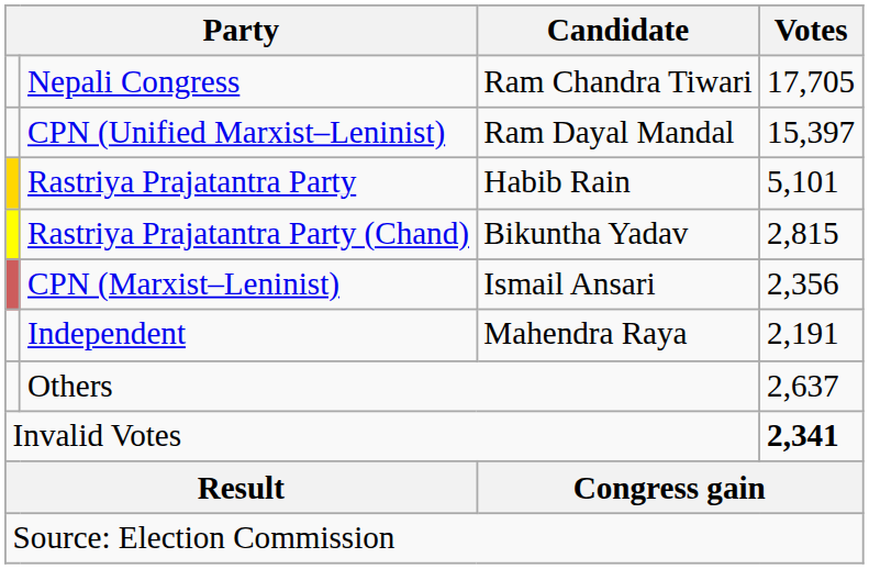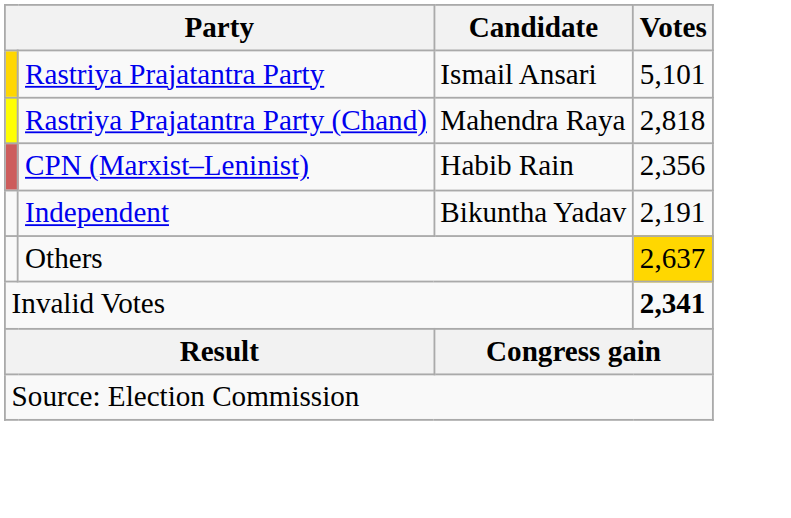 <table class="wikitable">
 <tr>
 <th colspan="2">Party</th>
 <th>Candidate</th>
 <th>Votes</th>
 </tr>
 <tr>
-<td style="background-color:"></td>
-<td><a href='#'>Nepali Congress</a></td>
-<td>Ram Chandra Tiwari</td>
-<td>17,705</td>
-</tr>
-<tr>
-<td style="background-color:"></td>
-<td><a href='#'>CPN (Unified Marxist–Leninist)</a></td>
-<td>Ram Dayal Mandal</td>
-<td>15,397</td>
-</tr>
-<tr>
 <td style="background-color:gold"></td>
 <td><a href='#'>Rastriya Prajatantra Party</a></td>
-<td>Habib Rain</td>
+<td>Ismail Ansari</td>
 <td>5,101</td>
 </tr>
 <tr>
 <td style="background-color:yellow"></td>
 <td><a href='#'>Rastriya Prajatantra Party (Chand)</a></td>
-<td>Bikuntha Yadav</td>
-<td>2,815</td>
+<td>Mahendra Raya</td>
+<td>2,818</td>
 </tr>
 <tr>
 <td style="background-color:indianred"></td>
 <td><a href='#'>CPN (Marxist–Leninist)</a></td>
-<td>Ismail Ansari</td>
+<td>Habib Rain</td>
 <td>2,356</td>
 </tr>
 <tr>
 <td style="background-color:"></td>
 <td><a href='#'>Independent</a></td>
-<td>Mahendra Raya</td>
+<td>Bikuntha Yadav</td>
 <td>2,191</td>
 </tr>
 <tr>
 <td></td>
 <td colspan="2">Others</td>
-<td>2,637</td>
+<td style="background: gold;">2,637</td>
 </tr>
 <tr>
 <td colspan="3">Invalid Votes</td>
 <td><strong>2,341</strong></td>
 </tr>
 <tr>
 <th colspan="2">Result</th>
 <th colspan="2">Congress gain</th>
 </tr>
 <tr>
 <td colspan="4">Source: Election Commission</td>
 </tr>
 </table>
